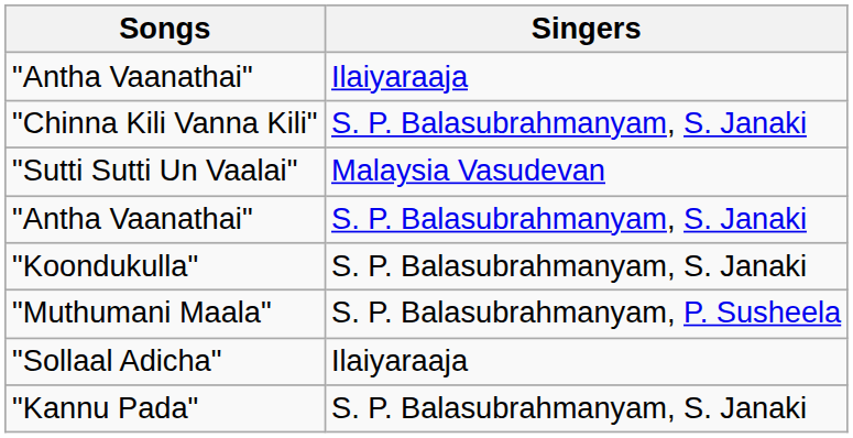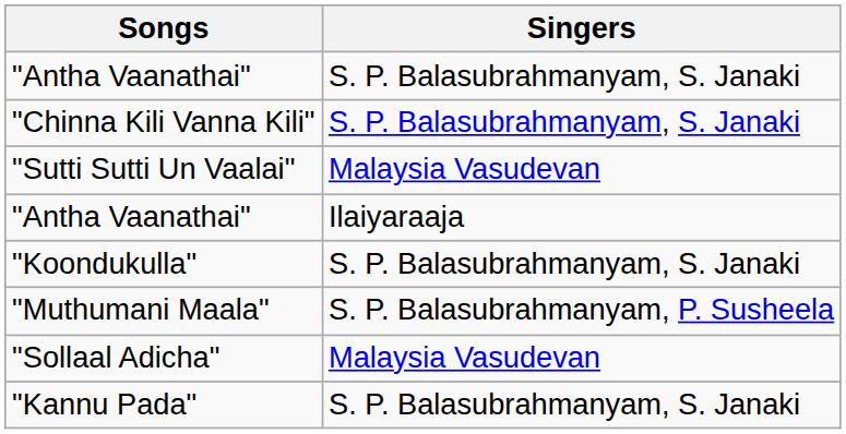 <table class="wikitable">
 <tr>
 <th>Songs</th>
 <th>Singers</th>
 </tr>
 <tr>
 <td>"Antha Vaanathai"</td>
-<td><a href='#'>Ilaiyaraaja</a></td>
+<td>S. P. Balasubrahmanyam, S. Janaki</td>
 </tr>
 <tr>
 <td>"Chinna Kili Vanna Kili"</td>
 <td><a href='#'>S. P. Balasubrahmanyam</a>, <a href='#'>S. Janaki</a></td>
 </tr>
 <tr>
 <td>"Sutti Sutti Un Vaalai"</td>
 <td><a href='#'>Malaysia Vasudevan</a></td>
 </tr>
 <tr>
 <td>"Antha Vaanathai"</td>
-<td><a href='#'>S. P. Balasubrahmanyam</a>, <a href='#'>S. Janaki</a></td>
+<td>Ilaiyaraaja</td>
 </tr>
 <tr>
 <td>"Koondukulla"</td>
 <td>S. P. Balasubrahmanyam, S. Janaki</td>
 </tr>
 <tr>
 <td>"Muthumani Maala"</td>
 <td>S. P. Balasubrahmanyam, <a href='#'>P. Susheela</a></td>
 </tr>
 <tr>
 <td>"Sollaal Adicha"</td>
-<td>Ilaiyaraaja</td>
+<td><a href='#'>Malaysia Vasudevan</a></td>
 </tr>
 <tr>
 <td>"Kannu Pada"</td>
 <td>S. P. Balasubrahmanyam, S. Janaki</td>
 </tr>
 </table>
